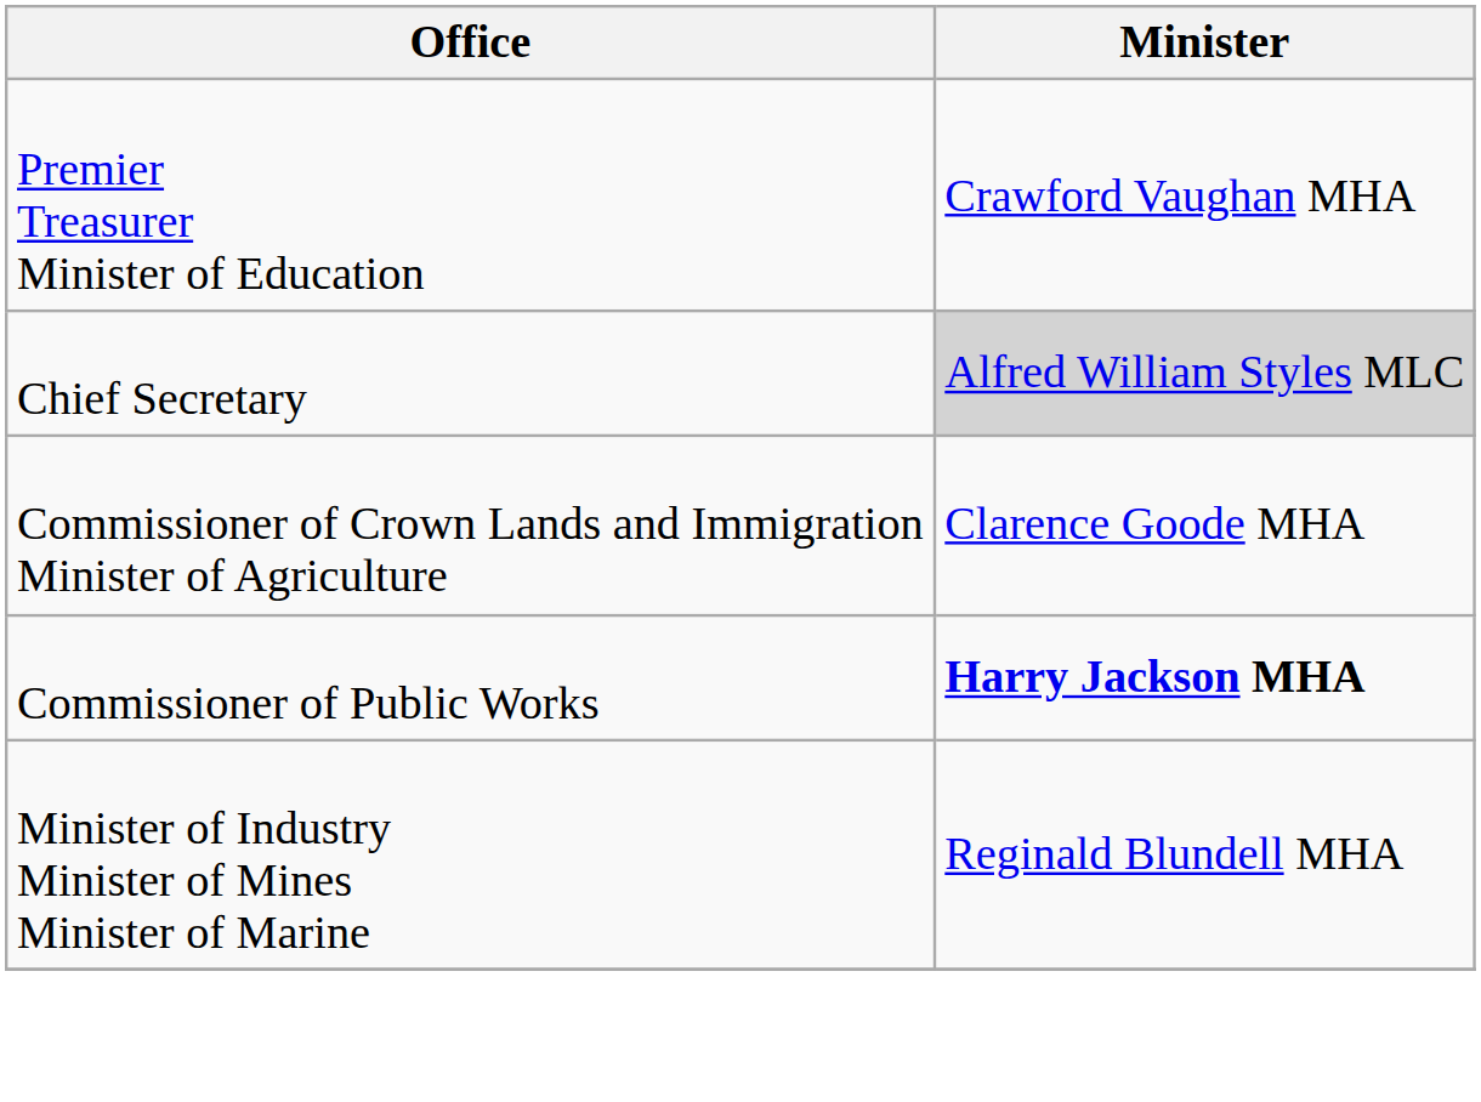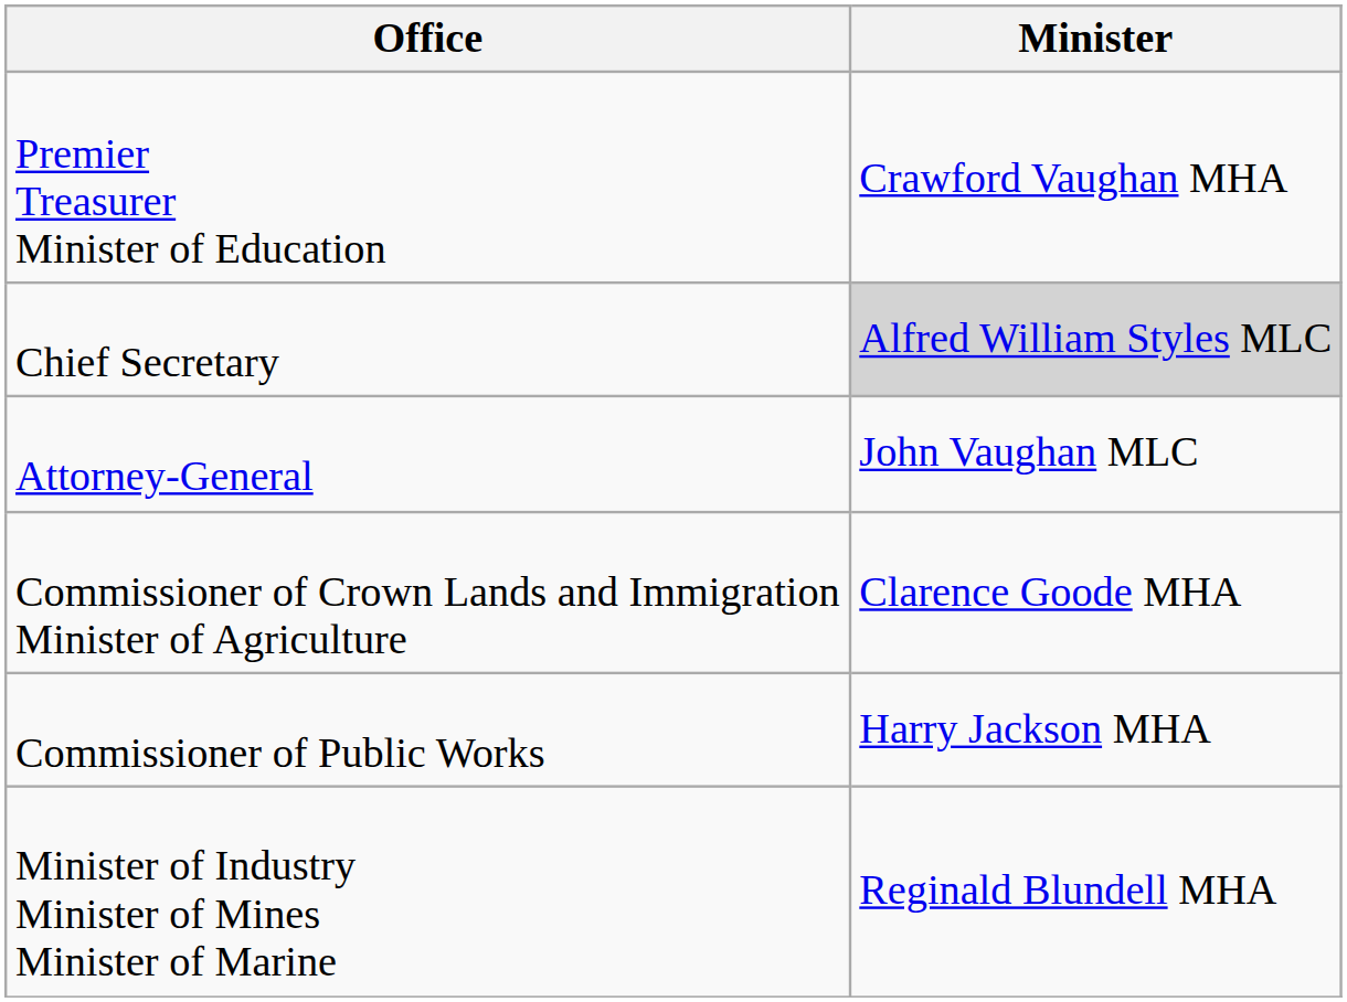 <table class="wikitable">
 <tr>
 <th>Office</th>
 <th>Minister</th>
 </tr>
 <tr>
 <td><br><a href='#'>Premier</a><br> <a href='#'>Treasurer</a><br> Minister of Education<br></td>
 <td><a href='#'>Crawford Vaughan</a> MHA</td>
 </tr>
 <tr>
 <td><br>Chief Secretary</td>
 <td style="background: lightgrey;"><a href='#'>Alfred William Styles</a> MLC</td>
 </tr>
 <tr>
+<td><br><a href='#'>Attorney-General</a><br></td>
+<td><a href='#'>John Vaughan</a> MLC</td>
+</tr>
+<tr>
 <td><br>Commissioner of Crown Lands and Immigration<br> Minister of Agriculture<br></td>
 <td><a href='#'>Clarence Goode</a> MHA</td>
 </tr>
 <tr>
 <td><br>Commissioner of Public Works<br></td>
-<td><strong><a href='#'>Harry Jackson</a> MHA</strong></td>
+<td><a href='#'>Harry Jackson</a> MHA</td>
 </tr>
 <tr>
 <td><br>Minister of Industry<br> Minister of Mines<br> Minister of Marine</td>
 <td><a href='#'>Reginald Blundell</a> MHA</td>
 </tr>
 <tr>
 </tr>
 </table>
